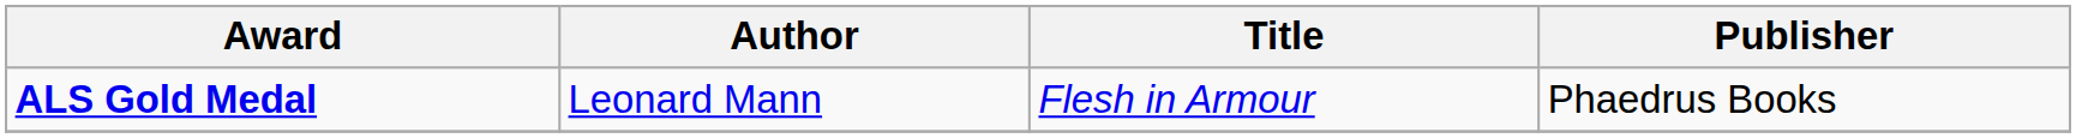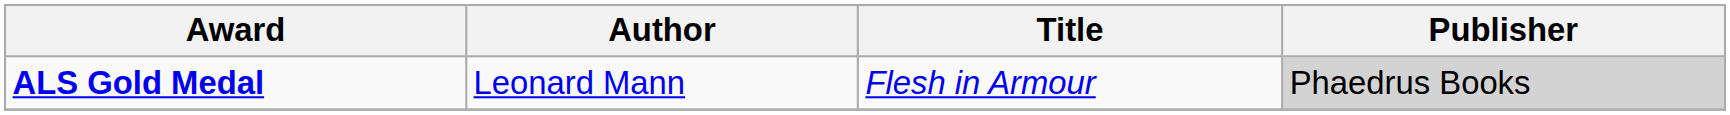 <table class="wikitable" width=95%>
 <tr>
 <th>Award</th>
 <th>Author</th>
 <th>Title</th>
 <th>Publisher</th>
 </tr>
 <tr>
 <td><strong><a href='#'>ALS Gold Medal</a></strong></td>
 <td><a href='#'>Leonard Mann</a></td>
 <td><em><a href='#'>Flesh in Armour</a></em></td>
-<td>Phaedrus Books</td>
+<td style="background: lightgrey;">Phaedrus Books</td>
 </tr>
 <tr>
 </tr>
 </table>
